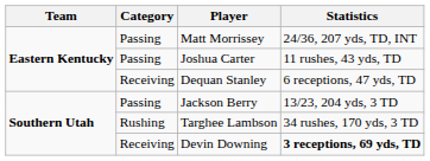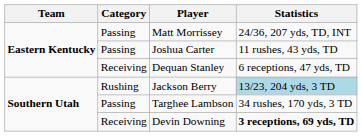 <table class="wikitable" style="float: right;">
 <tr>
 <th>Team</th>
 <th>Category</th>
 <th>Player</th>
 <th>Statistics</th>
 </tr>
 <tr>
 <td rowspan=3><strong>Eastern Kentucky</strong></td>
 <td>Passing</td>
 <td>Matt Morrissey</td>
 <td>24/36, 207 yds, TD, INT</td>
 </tr>
 <tr>
 <td>Passing</td>
 <td>Joshua Carter</td>
 <td>11 rushes, 43 yds, TD</td>
 </tr>
 <tr>
 <td>Receiving</td>
 <td>Dequan Stanley</td>
 <td>6 receptions, 47 yds, TD</td>
 </tr>
 <tr>
 <td rowspan=3><strong>Southern Utah</strong></td>
-<td>Passing</td>
+<td>Rushing</td>
 <td>Jackson Berry</td>
-<td>13/23, 204 yds, 3 TD</td>
+<td style="background: lightblue;">13/23, 204 yds, 3 TD</td>
 </tr>
 <tr>
-<td>Rushing</td>
+<td>Passing</td>
 <td>Targhee Lambson</td>
 <td>34 rushes, 170 yds, 3 TD</td>
 </tr>
 <tr>
 <td>Receiving</td>
 <td>Devin Downing</td>
 <td><strong>3 receptions, 69 yds, TD</strong></td>
 </tr>
 </table>
